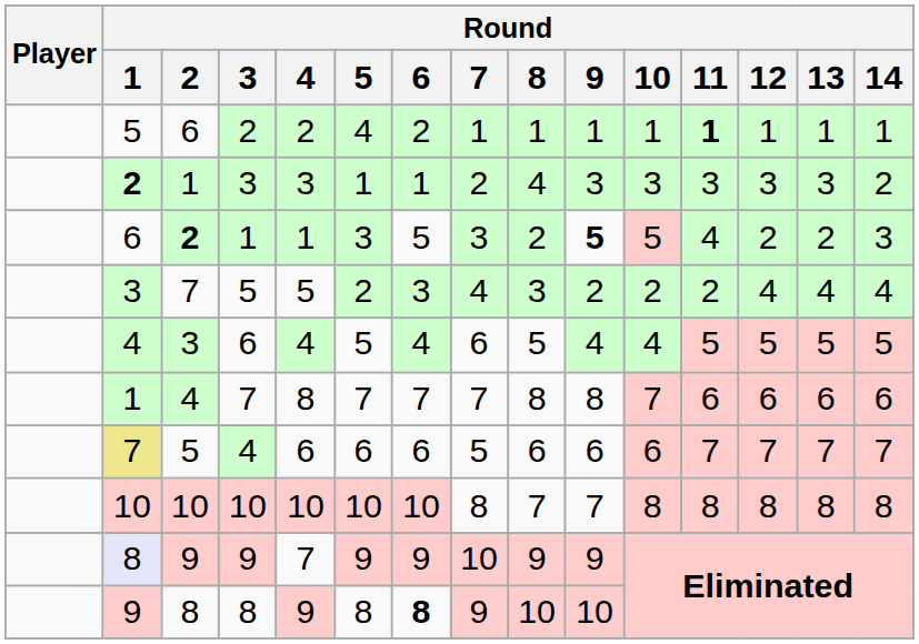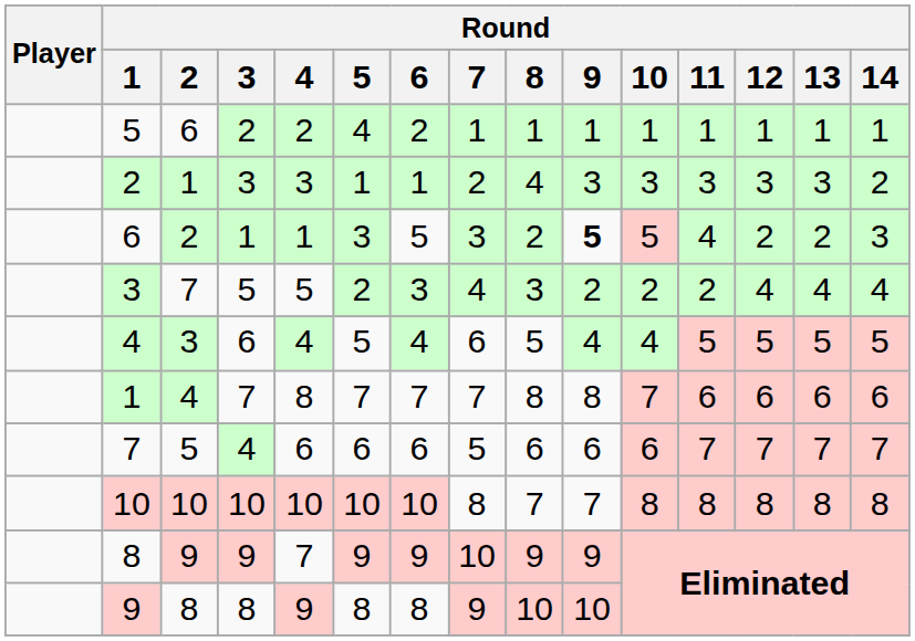 <table class="wikitable">
 <tr style="font-size:10pt;font-weight:bold">
 <th rowspan=2>Player</th>
 <th colspan=14>Round</th>
 </tr>
 <tr>
 <th style="width:20px;">1</th>
 <th style="width:20px;">2</th>
 <th style="width:20px;">3</th>
 <th style="width:20px;">4</th>
 <th style="width:20px;">5</th>
 <th style="width:20px;">6</th>
 <th style="width:20px;">7</th>
 <th style="width:20px;">8</th>
 <th style="width:20px;">9</th>
 <th style="width:20px;">10</th>
 <th style="width:20px;">11</th>
 <th style="width:20px;">12</th>
 <th style="width:20px;">13</th>
 <th style="width:20px;">14</th>
 </tr>
 <tr>
 <td> </td>
 <td align=center>5</td>
 <td align=center>6</td>
 <td align=center bgcolor="#ccffcc">2</td>
 <td align=center bgcolor="#ccffcc">2</td>
 <td align=center bgcolor="#ccffcc">4</td>
 <td align=center bgcolor="#ccffcc">2</td>
 <td align=center bgcolor="#ccffcc">1</td>
 <td align=center bgcolor="#ccffcc">1</td>
 <td align=center bgcolor="#ccffcc">1</td>
 <td align=center bgcolor="#ccffcc">1</td>
-<td align=center bgcolor="#ccffcc"><strong>1</strong></td>
+<td align=center bgcolor="#ccffcc">1</td>
 <td align=center bgcolor="#ccffcc">1</td>
 <td align=center bgcolor="#ccffcc">1</td>
 <td align=center bgcolor="#ccffcc">1</td>
 </tr>
 <tr>
 <td></td>
-<td align=center bgcolor="#ccffcc"><strong>2</strong></td>
+<td align=center bgcolor="#ccffcc">2</td>
 <td align=center bgcolor="#ccffcc">1</td>
 <td align=center bgcolor="#ccffcc">3</td>
 <td align=center bgcolor="#ccffcc">3</td>
 <td align=center bgcolor="#ccffcc">1</td>
 <td align=center bgcolor="#ccffcc">1</td>
 <td align=center bgcolor="#ccffcc">2</td>
 <td align=center bgcolor="#ccffcc">4</td>
 <td align=center bgcolor="#ccffcc">3</td>
 <td align=center bgcolor="#ccffcc">3</td>
 <td align=center bgcolor="#ccffcc">3</td>
 <td align=center bgcolor="#ccffcc">3</td>
 <td align=center bgcolor="#ccffcc">3</td>
 <td align=center bgcolor="#ccffcc">2</td>
 </tr>
 <tr>
 <td> </td>
 <td align=center>6</td>
-<td align=center bgcolor="#ccffcc"><strong>2</strong></td>
+<td align=center bgcolor="#ccffcc">2</td>
 <td align=center bgcolor="#ccffcc">1</td>
 <td align=center bgcolor="#ccffcc">1</td>
 <td align=center bgcolor="#ccffcc">3</td>
 <td align=center>5</td>
 <td align=center bgcolor="#ccffcc">3</td>
 <td align=center bgcolor="#ccffcc">2</td>
 <td align=center><strong>5</strong></td>
 <td align=center bgcolor="#ffcccc">5</td>
 <td align=center bgcolor="#ccffcc">4</td>
 <td align=center bgcolor="#ccffcc">2</td>
 <td align=center bgcolor="#ccffcc">2</td>
 <td align=center bgcolor="#ccffcc">3</td>
 </tr>
 <tr>
 <td> </td>
 <td align=center bgcolor="#ccffcc">3</td>
 <td align=center>7</td>
 <td align=center>5</td>
 <td align=center>5</td>
 <td align=center bgcolor="#ccffcc">2</td>
 <td align=center bgcolor="#ccffcc">3</td>
 <td align=center bgcolor="#ccffcc">4</td>
 <td align=center bgcolor="#ccffcc">3</td>
 <td align=center bgcolor="#ccffcc">2</td>
 <td align=center bgcolor="#ccffcc">2</td>
 <td align=center bgcolor="#ccffcc">2</td>
 <td align=center bgcolor="#ccffcc">4</td>
 <td align=center bgcolor="#ccffcc">4</td>
 <td align=center bgcolor="#ccffcc">4</td>
 </tr>
 <tr>
 <td> </td>
 <td align=center bgcolor="#ccffcc">4</td>
 <td align=center bgcolor="#ccffcc">3</td>
 <td align=center>6</td>
 <td align=center bgcolor="#ccffcc">4</td>
 <td align=center>5</td>
 <td align=center bgcolor="#ccffcc">4</td>
 <td align=center>6</td>
 <td align=center>5</td>
 <td align=center bgcolor="#ccffcc">4</td>
 <td align=center bgcolor="#ccffcc">4</td>
 <td align=center bgcolor="#ffcccc">5</td>
 <td align=center bgcolor="#ffcccc">5</td>
 <td align=center bgcolor="#ffcccc">5</td>
 <td align=center bgcolor="#ffcccc">5</td>
 </tr>
 <tr>
 <td> </td>
 <td align=center bgcolor="#ccffcc">1</td>
 <td align=center bgcolor="#ccffcc">4</td>
 <td align=center>7</td>
 <td align=center>8</td>
 <td align=center>7</td>
 <td align=center>7</td>
 <td align=center>7</td>
 <td align=center>8</td>
 <td align=center>8</td>
 <td align=center bgcolor="#ffcccc">7</td>
 <td align=center bgcolor="#ffcccc">6</td>
 <td align=center bgcolor="#ffcccc">6</td>
 <td align=center bgcolor="#ffcccc">6</td>
 <td align=center bgcolor="#ffcccc">6</td>
 </tr>
 <tr>
 <td> </td>
-<td align=center style="background: khaki;">7</td>
+<td align=center>7</td>
 <td align=center>5</td>
 <td align=center bgcolor="#ccffcc">4</td>
 <td align=center>6</td>
 <td align=center>6</td>
 <td align=center>6</td>
 <td align=center>5</td>
 <td align=center>6</td>
 <td align=center>6</td>
 <td align=center bgcolor="#ffcccc">6</td>
 <td align=center bgcolor="#ffcccc">7</td>
 <td align=center bgcolor="#ffcccc">7</td>
 <td align=center bgcolor="#ffcccc">7</td>
 <td align=center bgcolor="#ffcccc">7</td>
 </tr>
 <tr>
 <td> </td>
 <td align=center bgcolor="#ffcccc">10</td>
 <td align=center bgcolor="#ffcccc">10</td>
 <td align=center bgcolor="#ffcccc">10</td>
 <td align=center bgcolor="#ffcccc">10</td>
 <td align=center bgcolor="#ffcccc">10</td>
 <td align=center bgcolor="#ffcccc">10</td>
 <td align=center>8</td>
 <td align=center>7</td>
 <td align=center>7</td>
 <td align=center bgcolor="#ffcccc">8</td>
 <td align=center bgcolor="#ffcccc">8</td>
 <td align=center bgcolor="#ffcccc">8</td>
 <td align=center bgcolor="#ffcccc">8</td>
 <td align=center bgcolor="#ffcccc">8</td>
 </tr>
 <tr>
 <td> </td>
-<td align=center style="background: lavender;">8</td>
+<td align=center>8</td>
 <td align=center bgcolor="#ffcccc">9</td>
 <td align=center bgcolor="#ffcccc">9</td>
 <td align=center>7</td>
 <td align=center bgcolor="#ffcccc">9</td>
 <td align=center bgcolor="#ffcccc">9</td>
 <td align=center bgcolor="#ffcccc">10</td>
 <td align=center bgcolor="#ffcccc">9</td>
 <td align=center bgcolor="#ffcccc">9</td>
 <td align=center colspan=5 rowspan=2 bgcolor="#ffcccc"><strong>Eliminated</strong></td>
 </tr>
 <tr>
 <td> </td>
 <td align=center bgcolor="#ffcccc">9</td>
 <td align=center>8</td>
 <td align=center>8</td>
 <td align=center bgcolor="#ffcccc">9</td>
 <td align=center>8</td>
-<td align=center><strong>8</strong></td>
+<td align=center>8</td>
 <td align=center bgcolor="#ffcccc">9</td>
 <td align=center bgcolor="#ffcccc">10</td>
 <td align=center bgcolor="#ffcccc">10</td>
 </tr>
 </table>
